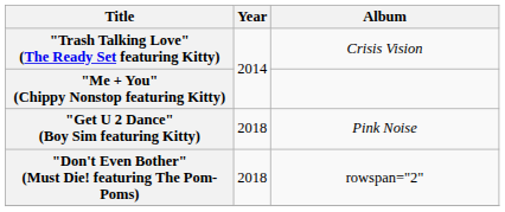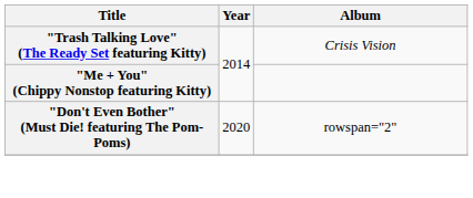 <table class="wikitable plainrowheaders" style="text-align:center">
 <tr>
 <th scope="col" style="width:15em;">Title</th>
 <th scope="col">Year</th>
 <th scope="col" style="width:15em;">Album</th>
 </tr>
 <tr>
 <th scope="row">"Trash Talking Love"<br><span>(<a href='#'>The Ready Set</a> featuring Kitty)</span></th>
 <td rowspan="2">2014</td>
 <td><em>Crisis Vision</em></td>
 </tr>
 <tr>
 <th scope="row">"Me + You"<br><span>(Chippy Nonstop featuring Kitty)</span></th>
 </tr>
 <tr>
-<th scope="row">"Get U 2 Dance"<br><span>(Boy Sim featuring Kitty)</span></th>
-<td>2018</td>
-<td><em>Pink Noise</em></td>
-</tr>
-<tr>
 <th scope="row">"Don't Even Bother"<br><span>(Must Die! featuring The Pom-Poms)</span></th>
-<td>2018</td>
+<td>2020</td>
 <td>rowspan="2" </td>
 </tr>
 <tr>
 </tr>
 </table>
